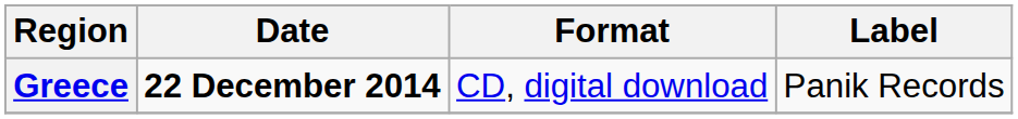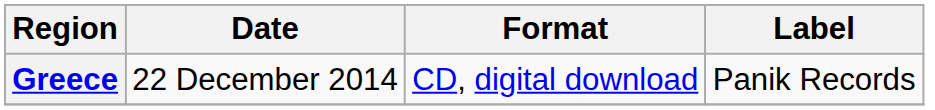 <table class="wikitable sortable plainrowheaders" style="text-align:center">
 <tr>
 <th>Region</th>
 <th>Date</th>
 <th>Format</th>
 <th>Label</th>
 </tr>
 <tr>
 <th scope="row"><a href='#'>Greece</a></th>
-<td><strong>22 December 2014</strong></td>
+<td>22 December 2014</td>
 <td><a href='#'>CD</a>, <a href='#'>digital download</a></td>
 <td>Panik Records</td>
 </tr>
 <tr>
 </tr>
 </table>
